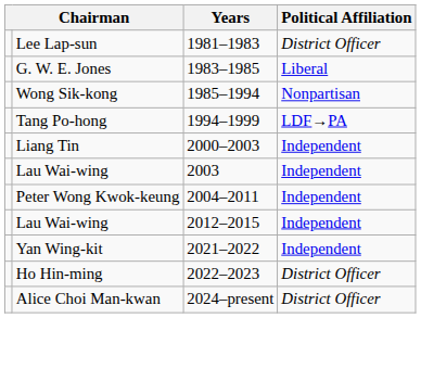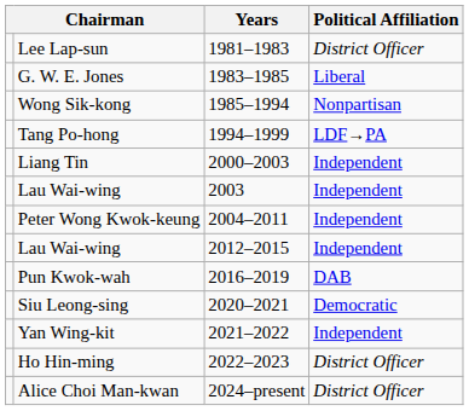 <table class="wikitable">
 <tr>
 <th colspan=2>Chairman</th>
 <th>Years</th>
 <th>Political Affiliation</th>
 </tr>
 <tr>
 <td style="color:inherit;background:"></td>
 <td>Lee Lap-sun</td>
 <td>1981–1983</td>
 <td><em>District Officer</em></td>
 </tr>
 <tr>
 <td style="color:inherit;background:"></td>
 <td>G. W. E. Jones</td>
 <td>1983–1985</td>
 <td><a href='#'>Liberal</a></td>
 </tr>
 <tr>
 <td style="color:inherit;background:"></td>
 <td>Wong Sik-kong</td>
 <td>1985–1994</td>
 <td><a href='#'>Nonpartisan</a></td>
 </tr>
 <tr>
 <td style="color:inherit;background:"></td>
 <td>Tang Po-hong</td>
 <td>1994–1999</td>
 <td><a href='#'>LDF</a>→<a href='#'>PA</a></td>
 </tr>
 <tr>
 <td style="color:inherit;background:"></td>
 <td>Liang Tin</td>
 <td>2000–2003</td>
 <td><a href='#'>Independent</a></td>
 </tr>
 <tr>
 <td style="color:inherit;background:"></td>
 <td>Lau Wai-wing</td>
 <td>2003</td>
 <td><a href='#'>Independent</a></td>
 </tr>
 <tr>
 <td style="color:inherit;background:"></td>
 <td>Peter Wong Kwok-keung</td>
 <td>2004–2011</td>
 <td><a href='#'>Independent</a></td>
 </tr>
 <tr>
 <td style="color:inherit;background:"></td>
 <td>Lau Wai-wing</td>
 <td>2012–2015</td>
 <td><a href='#'>Independent</a></td>
 </tr>
 <tr>
+<td style="color:inherit;background: "></td>
+<td>Pun Kwok-wah</td>
+<td>2016–2019</td>
+<td><a href='#'>DAB</a></td>
+</tr>
+<tr>
+<td style="color:inherit;background:"></td>
+<td>Siu Leong-sing</td>
+<td>2020–2021</td>
+<td><a href='#'>Democratic</a></td>
+</tr>
+<tr>
 <td style="color:inherit;background:"></td>
 <td>Yan Wing-kit</td>
 <td>2021–2022</td>
 <td><a href='#'>Independent</a></td>
 </tr>
 <tr>
 <td style="color:inherit;background:"></td>
 <td>Ho Hin-ming</td>
 <td>2022–2023</td>
 <td><em>District Officer</em></td>
 </tr>
 <tr>
 <td style="color:inherit;background:"></td>
 <td>Alice Choi Man-kwan</td>
 <td>2024–present</td>
 <td><em>District Officer</em></td>
 </tr>
 </table>
